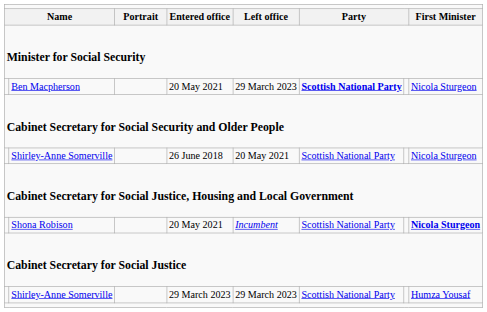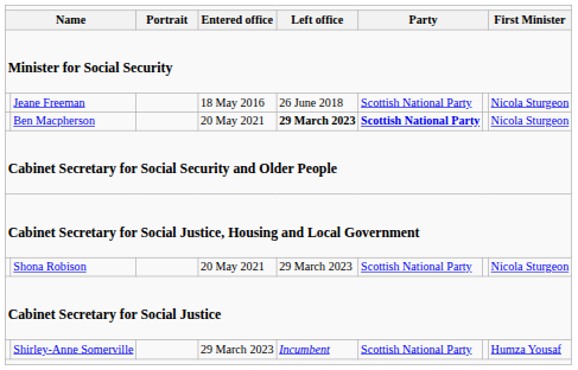 <table class="wikitable" style="margin: 0 0 0 1em; background: #f9f9f9; border: 1px #aaaaaa solid; border-collapse: collapse; ">
 <tr>
 <td colspan="8"></td>
 </tr>
 <tr>
 <th colspan="2">Name</th>
 <th width=75>Portrait</th>
 <th>Entered office</th>
 <th>Left office</th>
 <th colspan="2">Party</th>
 <th>First Minister</th>
 </tr>
 <tr>
 <td colspan="8"><br><h3>Minister for Social Security</h3></td>
 </tr>
 <tr>
 <td></td>
+<td><a href='#'>Jeane Freeman</a></td>
+<td></td>
+<td>18 May 2016</td>
+<td>26 June 2018</td>
+<td><a href='#'>Scottish National Party</a></td>
+<td></td>
+<td><a href='#'>Nicola Sturgeon</a></td>
+</tr>
+<tr>
+<td></td>
 <td><a href='#'>Ben Macpherson</a></td>
 <td></td>
 <td>20 May 2021</td>
-<td>29 March 2023</td>
+<td><strong>29 March 2023</strong></td>
 <td><strong><a href='#'>Scottish National Party</a></strong></td>
 <td></td>
 <td><a href='#'>Nicola Sturgeon</a></td>
 </tr>
 <tr>
 <td colspan="8"><br><h3>Cabinet Secretary for Social Security and Older People</h3></td>
-</tr>
-<tr>
-<td></td>
-<td><a href='#'>Shirley-Anne Somerville</a></td>
-<td></td>
-<td>26 June 2018</td>
-<td>20 May 2021</td>
-<td><a href='#'>Scottish National Party</a></td>
-<td></td>
-<td><a href='#'>Nicola Sturgeon</a></td>
 </tr>
 <tr>
 <td colspan="8"><br><h3>Cabinet Secretary for Social Justice, Housing and Local Government</h3></td>
 </tr>
 <tr>
 <td></td>
 <td><a href='#'>Shona Robison</a></td>
 <td></td>
 <td>20 May 2021</td>
-<td><em><a href='#'>Incumbent</a></em></td>
+<td>29 March 2023</td>
 <td><a href='#'>Scottish National Party</a></td>
 <td></td>
-<td><strong><a href='#'>Nicola Sturgeon</a></strong></td>
+<td><a href='#'>Nicola Sturgeon</a></td>
 </tr>
 <tr>
 <td colspan="8"><br><h3>Cabinet Secretary for Social Justice</h3></td>
 </tr>
 <tr>
 <td></td>
 <td><a href='#'>Shirley-Anne Somerville</a></td>
 <td></td>
 <td>29 March 2023</td>
-<td>29 March 2023</td>
+<td><em><a href='#'>Incumbent</a></em></td>
 <td><a href='#'>Scottish National Party</a></td>
 <td></td>
 <td><a href='#'>Humza Yousaf</a></td>
 </tr>
 <tr>
 <td colspan="8"></td>
 </tr>
 </table>
